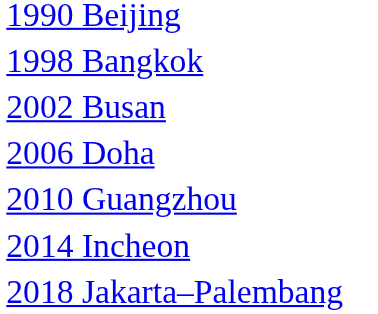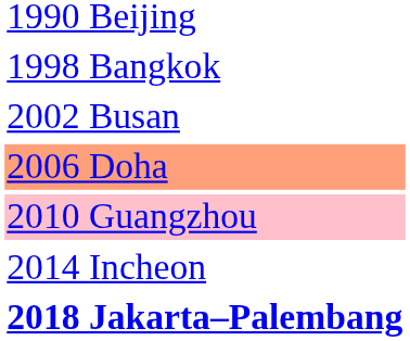 <table>
 <tr>
 <td><a href='#'>1990 Beijing</a></td>
 <td></td>
 <td></td>
 <td></td>
 </tr>
 <tr>
 <td><a href='#'>1998 Bangkok</a></td>
 <td></td>
 <td></td>
 <td></td>
 </tr>
 <tr>
 <td><a href='#'>2002 Busan</a></td>
 <td></td>
 <td></td>
 <td></td>
 </tr>
 <tr>
-<td><a href='#'>2006 Doha</a></td>
+<td style="background: lightsalmon;"><a href='#'>2006 Doha</a></td>
 <td></td>
 <td></td>
 <td></td>
 </tr>
 <tr>
-<td><a href='#'>2010 Guangzhou</a></td>
+<td style="background: pink;"><a href='#'>2010 Guangzhou</a></td>
 <td></td>
 <td></td>
 <td></td>
 </tr>
 <tr>
 <td><a href='#'>2014 Incheon</a></td>
 <td></td>
 <td></td>
 <td></td>
 </tr>
 <tr>
-<td><a href='#'>2018 Jakarta–Palembang</a></td>
+<td><strong><a href='#'>2018 Jakarta–Palembang</a></strong></td>
 <td></td>
 <td></td>
 <td></td>
 </tr>
 </table>
